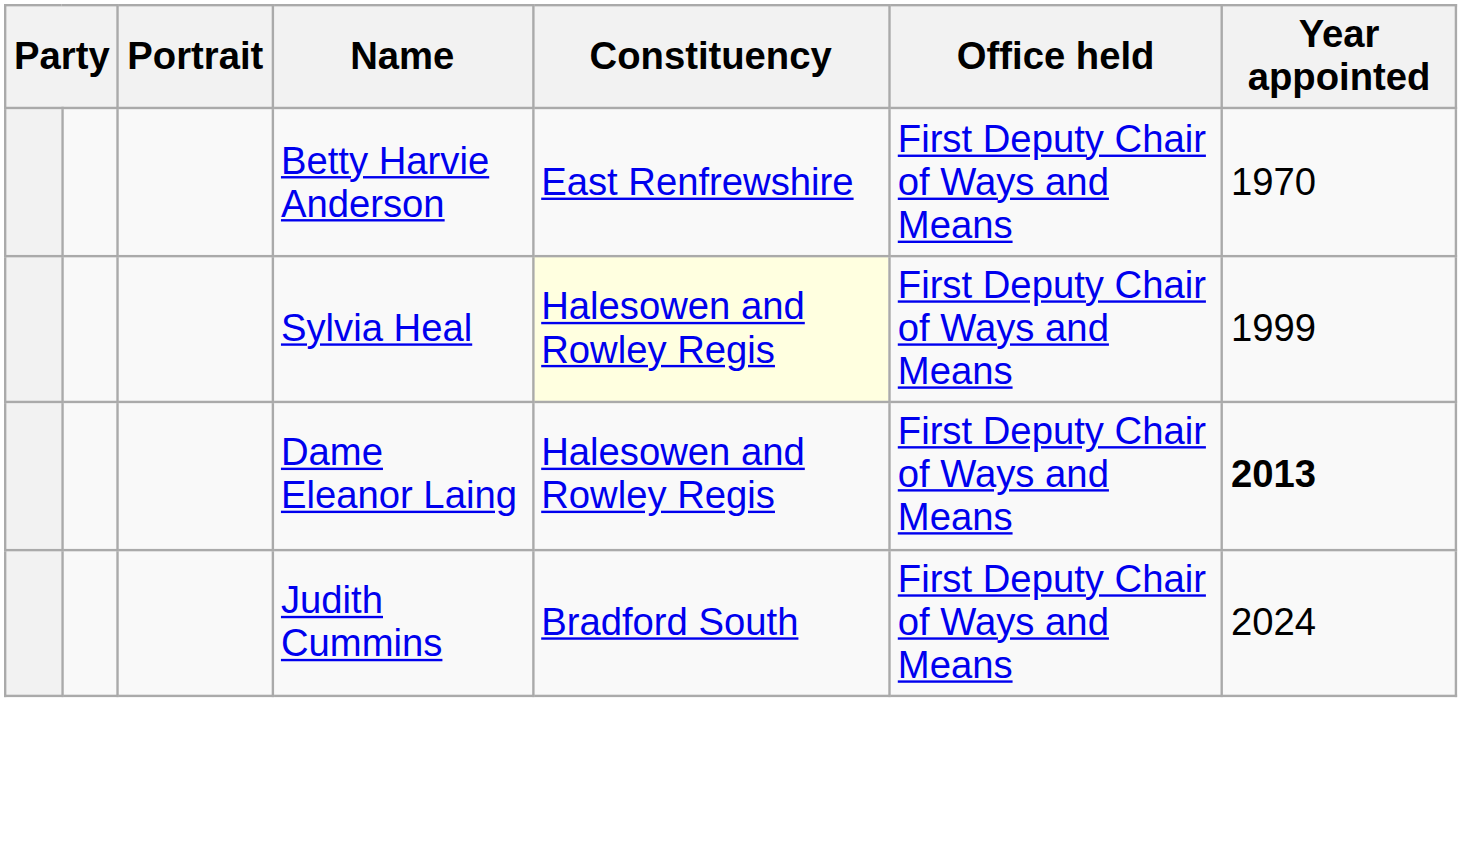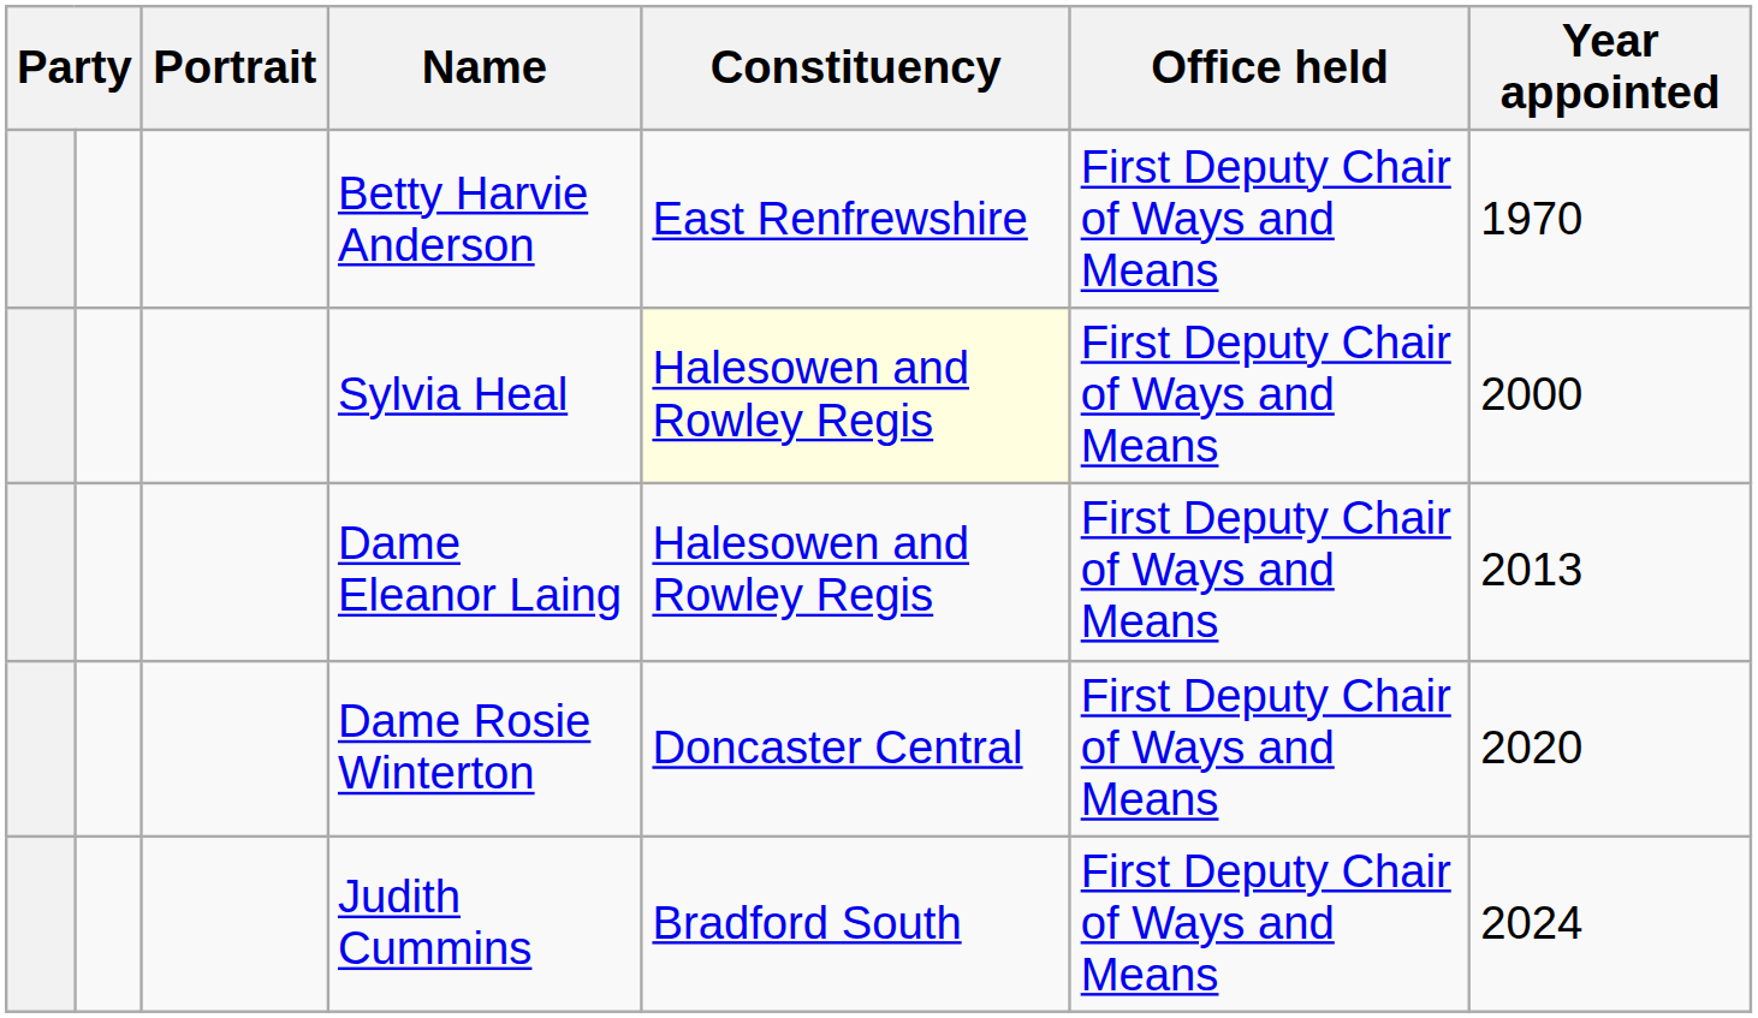 <table class="wikitable sortable">
 <tr>
 <th colspan=2>Party</th>
 <th>Portrait</th>
 <th>Name</th>
 <th>Constituency</th>
 <th>Office held</th>
 <th>Year appointed</th>
 </tr>
 <tr>
 <th style="background-color: "></th>
 <td></td>
 <td></td>
 <td><a href='#'>Betty Harvie Anderson</a></td>
 <td><a href='#'>East Renfrewshire</a></td>
 <td><a href='#'>First Deputy Chair of Ways and Means</a></td>
 <td>1970</td>
 </tr>
 <tr>
 <th style="background-color: "></th>
 <td></td>
 <td></td>
 <td><a href='#'>Sylvia Heal</a></td>
 <td style="background: lightyellow;"><a href='#'>Halesowen and Rowley Regis</a></td>
 <td><a href='#'>First Deputy Chair of Ways and Means</a></td>
-<td>1999</td>
+<td>2000</td>
 </tr>
 <tr>
 <th style="background-color: "></th>
 <td></td>
 <td></td>
 <td><a href='#'>Dame Eleanor Laing</a></td>
 <td><a href='#'>Halesowen and Rowley Regis</a></td>
 <td><a href='#'>First Deputy Chair of Ways and Means</a></td>
-<td><strong>2013</strong></td>
+<td>2013</td>
+</tr>
+<tr>
+<th style="background-color: "></th>
+<td></td>
+<td></td>
+<td><a href='#'>Dame Rosie Winterton</a></td>
+<td><a href='#'>Doncaster Central</a></td>
+<td><a href='#'>First Deputy Chair of Ways and Means</a></td>
+<td>2020</td>
 </tr>
 <tr>
 <th style="background-color: "></th>
 <td></td>
 <td></td>
 <td><a href='#'>Judith Cummins</a></td>
 <td><a href='#'>Bradford South</a></td>
 <td><a href='#'>First Deputy Chair of Ways and Means</a></td>
 <td>2024</td>
 </tr>
 </table>
